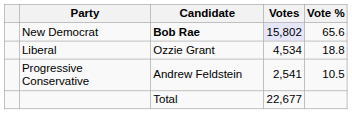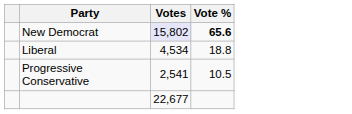 <table class="wikitable">
 <tr>
 <th></th>
 <th scope="col" style="width:175px;">Party</th>
-<th scope="col" style="width:150px;">Candidate</th>
 <th>Votes</th>
 <th>Vote %</th>
 </tr>
 <tr>
 <td>   </td>
 <td>New Democrat</td>
-<td><strong>Bob Rae</strong></td>
 <td align=right style="background: lavender;">15,802</td>
-<td align=right>65.6</td>
+<td align=right><strong>65.6</strong></td>
 </tr>
 <tr |>
 <td>   </td>
 <td>Liberal</td>
-<td>Ozzie Grant</td>
 <td align=right>4,534</td>
 <td align=right>18.8</td>
 </tr>
 <tr |>
 <td>   </td>
 <td>Progressive Conservative</td>
-<td>Andrew Feldstein</td>
 <td align=right>2,541</td>
 <td align=right>10.5<br> </td>
 </tr>
 <tr |>
 <td></td>
 <td></td>
-<td>Total</td>
 <td align=right>22,677</td>
 <td></td>
 </tr>
 </table>
